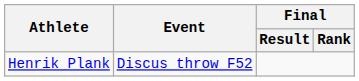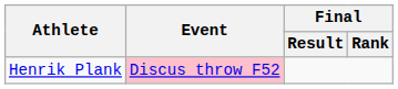 <table class=wikitable style="font-size:90%">
 <tr>
 <th rowspan="2">Athlete</th>
 <th rowspan="2">Event</th>
 <th colspan="3">Final</th>
 </tr>
 <tr>
 <th>Result</th>
 <th>Rank</th>
 </tr>
 <tr align=center>
 <td align=left><a href='#'>Henrik Plank</a></td>
-<td align=left><a href='#'>Discus throw F52</a></td>
+<td align=left style="background: pink;"><a href='#'>Discus throw F52</a></td>
 </tr>
 </table>
